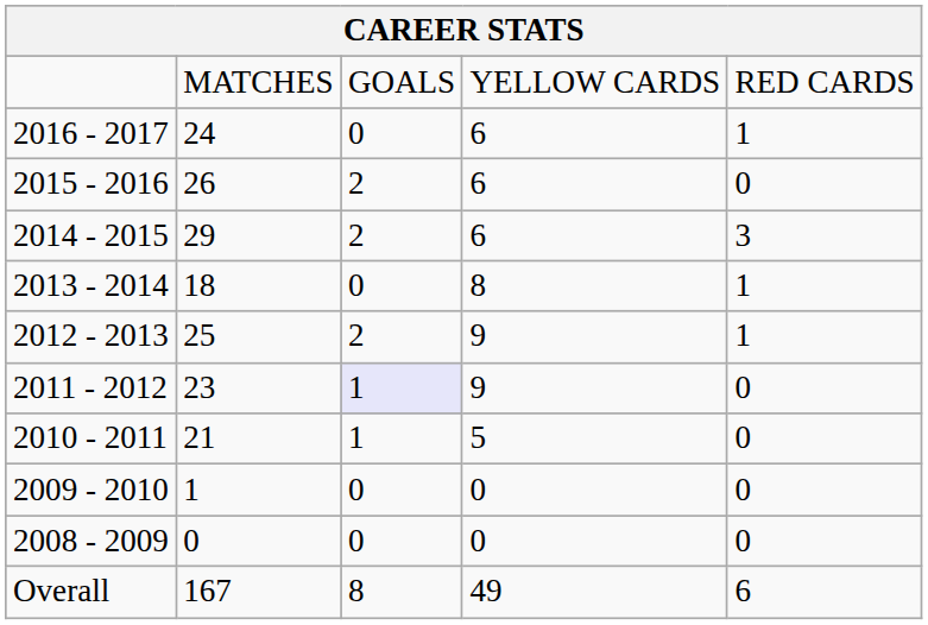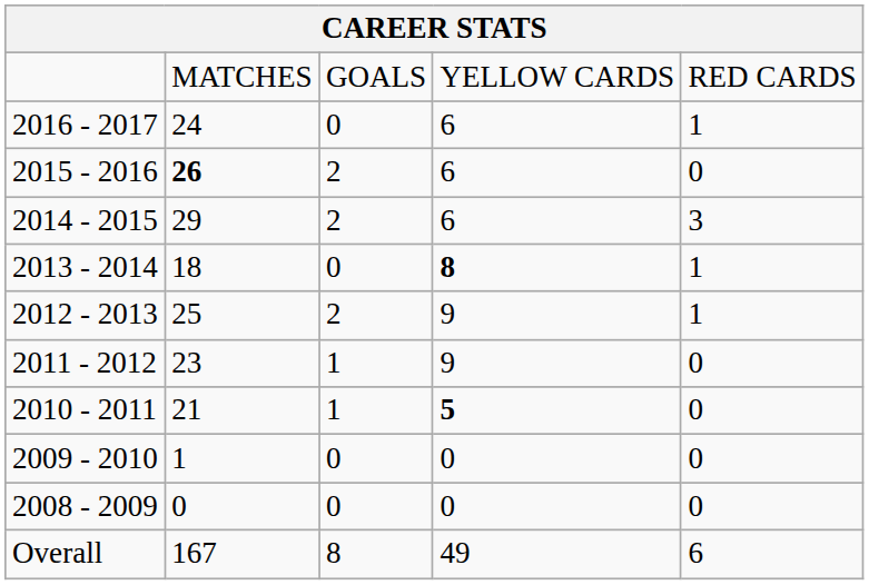 <table class="wikitable">
 <tr>
 <th colspan="5">CAREER STATS</th>
 </tr>
 <tr>
 <td></td>
 <td>MATCHES</td>
 <td>GOALS</td>
 <td>YELLOW CARDS</td>
 <td>RED CARDS</td>
 </tr>
 <tr>
 <td>2016 - 2017</td>
 <td>24</td>
 <td>0</td>
 <td>6</td>
 <td>1</td>
 </tr>
 <tr>
 <td>2015 - 2016</td>
-<td>26</td>
+<td><strong>26</strong></td>
 <td>2</td>
 <td>6</td>
 <td>0</td>
 </tr>
 <tr>
 <td>2014 - 2015</td>
 <td>29</td>
 <td>2</td>
 <td>6</td>
 <td>3</td>
 </tr>
 <tr>
 <td>2013 - 2014</td>
 <td>18</td>
 <td>0</td>
-<td>8</td>
+<td><strong>8</strong></td>
 <td>1</td>
 </tr>
 <tr>
 <td>2012 - 2013</td>
 <td>25</td>
 <td>2</td>
 <td>9</td>
 <td>1</td>
 </tr>
 <tr>
 <td>2011 - 2012</td>
 <td>23</td>
-<td style="background: lavender;">1</td>
+<td>1</td>
 <td>9</td>
 <td>0</td>
 </tr>
 <tr>
 <td>2010 - 2011</td>
 <td>21</td>
 <td>1</td>
-<td>5</td>
+<td><strong>5</strong></td>
 <td>0</td>
 </tr>
 <tr>
 <td>2009 - 2010</td>
 <td>1</td>
 <td>0</td>
 <td>0</td>
 <td>0</td>
 </tr>
 <tr>
 <td>2008 - 2009</td>
 <td>0</td>
 <td>0</td>
 <td>0</td>
 <td>0</td>
 </tr>
 <tr>
 <td>Overall</td>
 <td>167</td>
 <td>8</td>
 <td>49</td>
 <td>6</td>
 </tr>
 </table>
